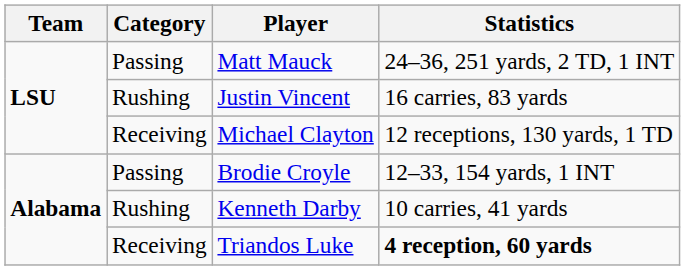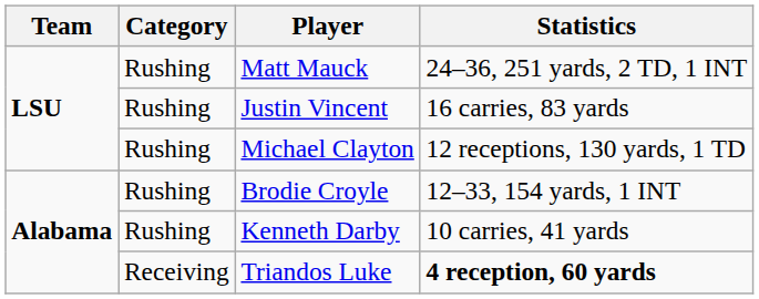 <table class="wikitable" style="float: right;">
 <tr>
 <th>Team</th>
 <th>Category</th>
 <th>Player</th>
 <th>Statistics</th>
 </tr>
 <tr>
 <td rowspan=3><strong>LSU</strong></td>
-<td>Passing</td>
+<td>Rushing</td>
 <td><a href='#'>Matt Mauck</a></td>
 <td>24–36, 251 yards, 2 TD, 1 INT</td>
 </tr>
 <tr>
 <td>Rushing</td>
 <td><a href='#'>Justin Vincent</a></td>
 <td>16 carries, 83 yards</td>
 </tr>
 <tr>
-<td>Receiving</td>
+<td>Rushing</td>
 <td><a href='#'>Michael Clayton</a></td>
 <td>12 receptions, 130 yards, 1 TD</td>
 </tr>
 <tr>
 <td rowspan=3><strong>Alabama</strong></td>
-<td>Passing</td>
+<td>Rushing</td>
 <td><a href='#'>Brodie Croyle</a></td>
 <td>12–33, 154 yards, 1 INT</td>
 </tr>
 <tr>
 <td>Rushing</td>
 <td><a href='#'>Kenneth Darby</a></td>
 <td>10 carries, 41 yards</td>
 </tr>
 <tr>
 <td>Receiving</td>
 <td><a href='#'>Triandos Luke</a></td>
 <td><strong>4 reception, 60 yards</strong></td>
 </tr>
 </table>
